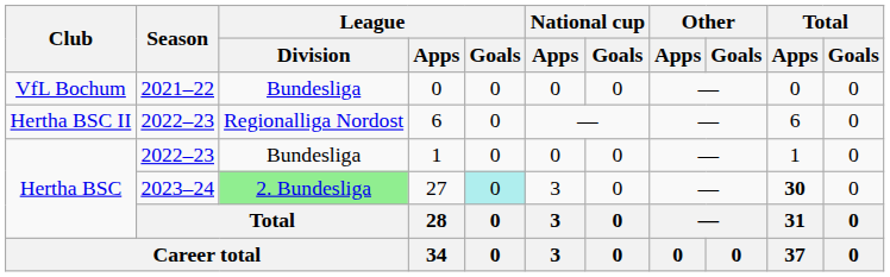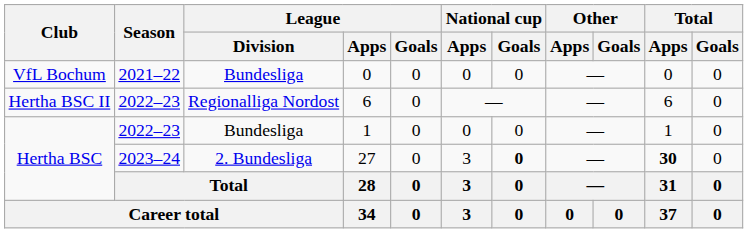 <table class="wikitable" style="text-align:center">
 <tr>
 <th rowspan="2">Club</th>
 <th rowspan="2">Season</th>
 <th colspan="3">League</th>
 <th colspan="2">National cup</th>
 <th colspan="2">Other</th>
 <th colspan="2">Total</th>
 </tr>
 <tr>
 <th>Division</th>
 <th>Apps</th>
 <th>Goals</th>
 <th>Apps</th>
 <th>Goals</th>
 <th>Apps</th>
 <th>Goals</th>
 <th>Apps</th>
 <th>Goals</th>
 </tr>
 <tr>
 <td><a href='#'>VfL Bochum</a></td>
 <td><a href='#'>2021–22</a></td>
 <td><a href='#'>Bundesliga</a></td>
 <td>0</td>
 <td>0</td>
 <td>0</td>
 <td>0</td>
 <td colspan="2">—</td>
 <td>0</td>
 <td>0</td>
 </tr>
 <tr>
 <td><a href='#'>Hertha BSC II</a></td>
 <td><a href='#'>2022–23</a></td>
 <td><a href='#'>Regionalliga  Nordost</a></td>
 <td>6</td>
 <td>0</td>
 <td colspan="2">—</td>
 <td colspan="2">—</td>
 <td>6</td>
 <td>0</td>
 </tr>
 <tr>
 <td rowspan="3"><a href='#'>Hertha BSC</a></td>
 <td><a href='#'>2022–23</a></td>
 <td>Bundesliga</td>
 <td>1</td>
 <td>0</td>
 <td>0</td>
 <td>0</td>
 <td colspan="2">—</td>
 <td>1</td>
 <td>0</td>
 </tr>
 <tr>
 <td><a href='#'>2023–24</a></td>
-<td style="background: lightgreen;"><a href='#'>2. Bundesliga</a></td>
+<td><a href='#'>2. Bundesliga</a></td>
 <td>27</td>
-<td style="background: paleturquoise;">0</td>
+<td>0</td>
 <td>3</td>
-<td>0</td>
+<td><strong>0</strong></td>
 <td colspan="2">—</td>
 <td><strong>30</strong></td>
 <td>0</td>
 </tr>
 <tr>
 <th colspan="2">Total</th>
 <th>28</th>
 <th>0</th>
 <th>3</th>
 <th>0</th>
 <th colspan="2">—</th>
 <th>31</th>
 <th>0</th>
 </tr>
 <tr>
 <th colspan="3">Career total</th>
 <th>34</th>
 <th>0</th>
 <th>3</th>
 <th>0</th>
 <th>0</th>
 <th>0</th>
 <th>37</th>
 <th>0</th>
 </tr>
 </table>
